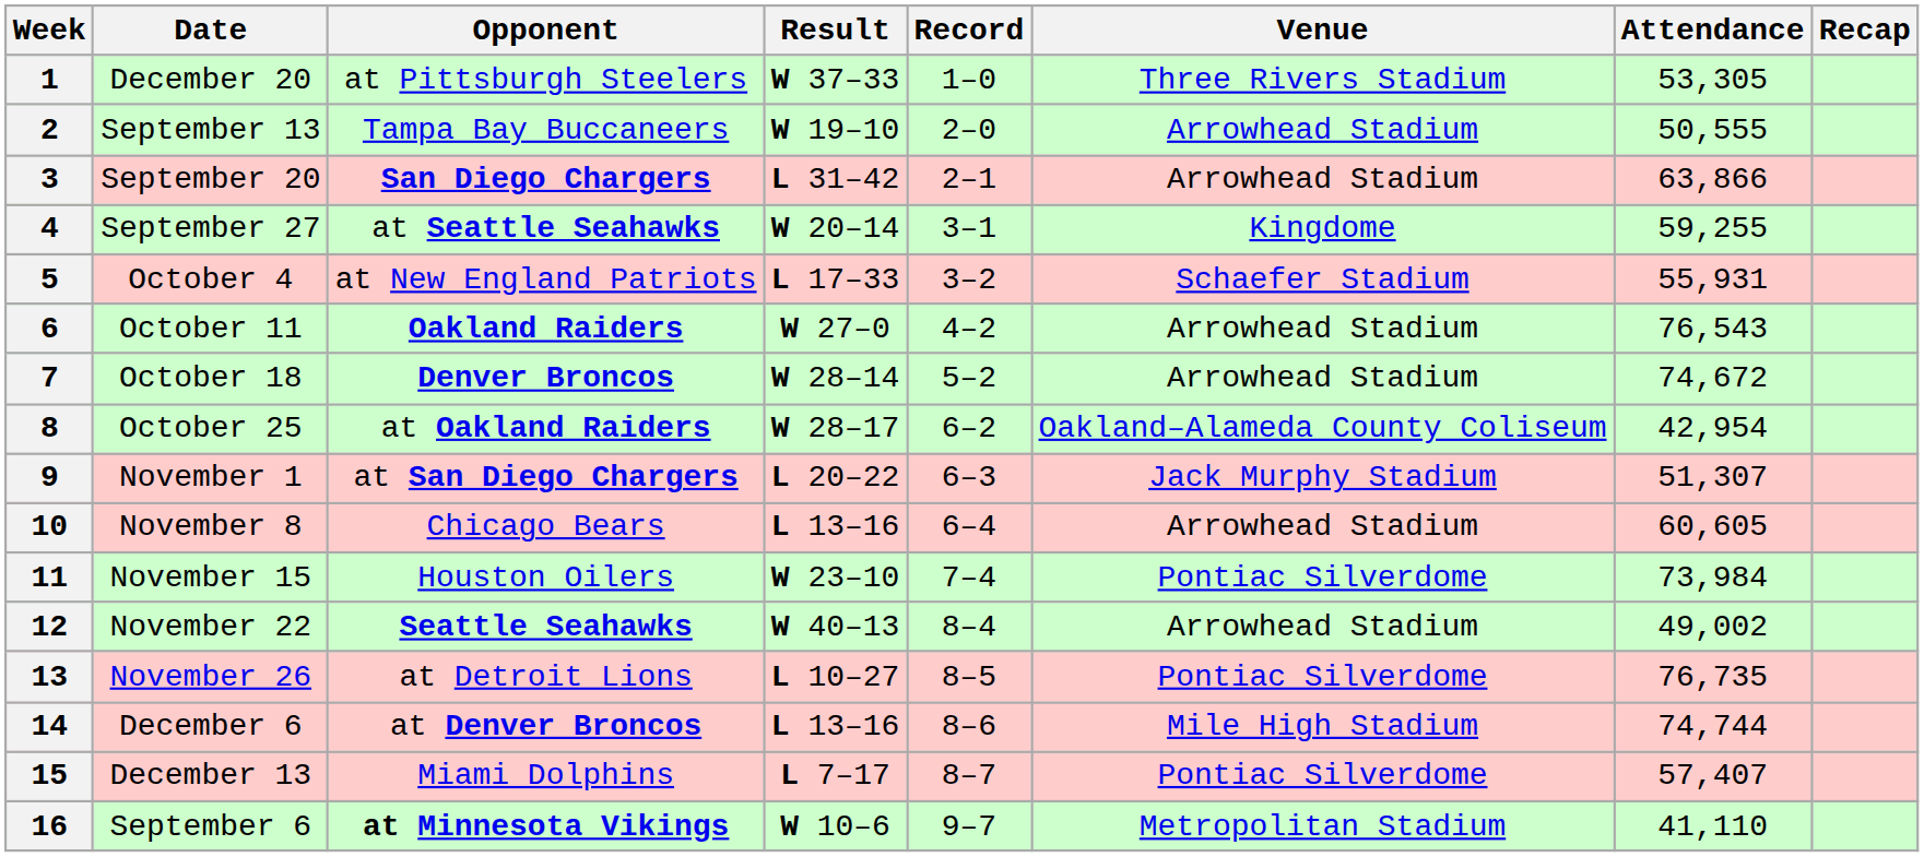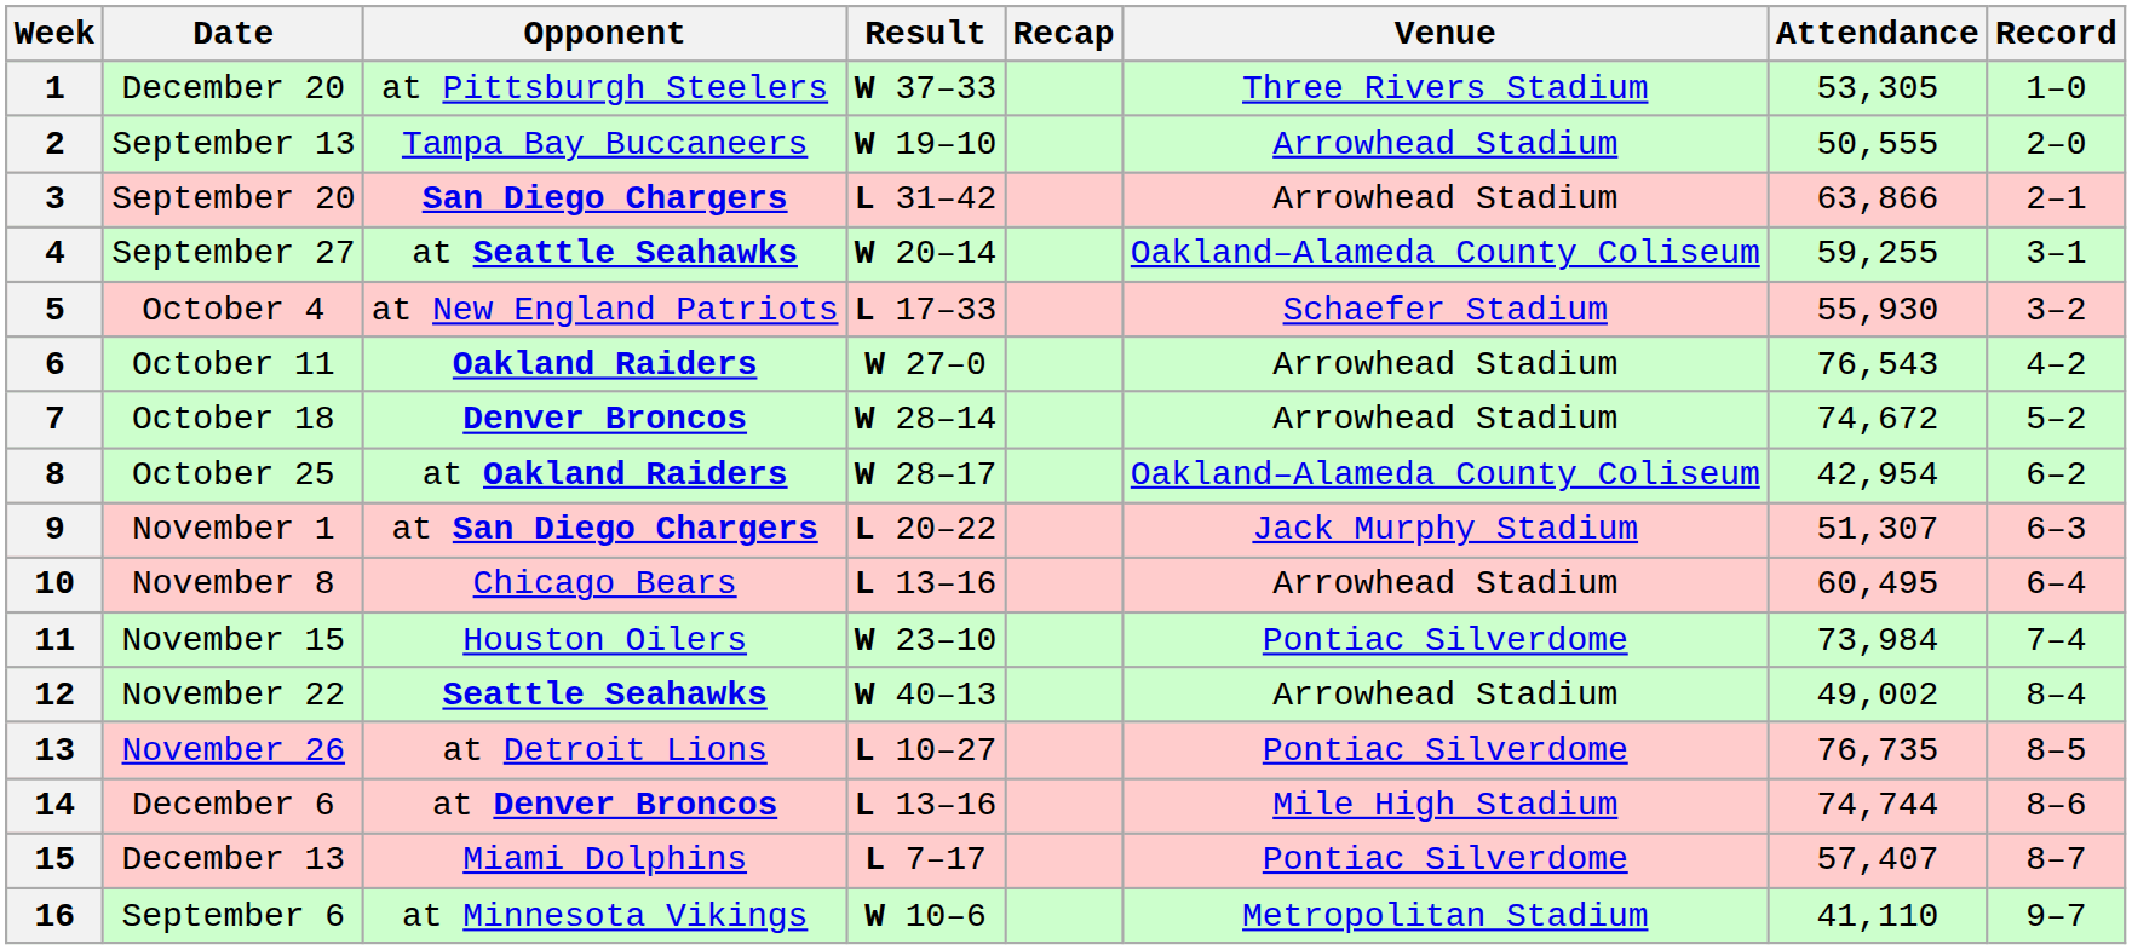 <table class="wikitable" style="text-align:center">
 <tr>
 <th>Week</th>
 <th>Date</th>
 <th>Opponent</th>
 <th>Result</th>
-<th>Record</th>
+<th>Recap</th>
 <th>Venue</th>
 <th>Attendance</th>
-<th>Recap</th>
+<th>Record</th>
 </tr>
 <tr style="background:#cfc">
 <th>1</th>
 <td>December 20</td>
 <td>at <a href='#'>Pittsburgh Steelers</a></td>
 <td><strong>W</strong> 37–33</td>
-<td>1–0</td>
+<td></td>
 <td><a href='#'>Three Rivers Stadium</a></td>
 <td>53,305</td>
-<td></td>
+<td>1–0</td>
 </tr>
 <tr style="background:#cfc">
 <th>2</th>
 <td>September 13</td>
 <td><a href='#'>Tampa Bay Buccaneers</a></td>
 <td><strong>W</strong> 19–10</td>
-<td>2–0</td>
+<td></td>
 <td><a href='#'>Arrowhead Stadium</a></td>
 <td>50,555</td>
-<td></td>
+<td>2–0</td>
 </tr>
 <tr style="background:#fcc">
 <th>3</th>
 <td>September 20</td>
 <td><strong><a href='#'>San Diego Chargers</a></strong></td>
 <td><strong>L</strong> 31–42</td>
-<td>2–1</td>
+<td></td>
 <td>Arrowhead Stadium</td>
 <td>63,866</td>
-<td></td>
+<td>2–1</td>
 </tr>
 <tr style="background:#cfc">
 <th>4</th>
 <td>September 27</td>
 <td>at <strong><a href='#'>Seattle Seahawks</a></strong></td>
 <td><strong>W</strong> 20–14</td>
+<td></td>
+<td><a href='#'>Oakland–Alameda County Coliseum</a></td>
+<td>59,255</td>
 <td>3–1</td>
-<td><a href='#'>Kingdome</a></td>
-<td>59,255</td>
-<td></td>
 </tr>
 <tr style="background:#fcc">
 <th>5</th>
 <td>October 4</td>
 <td>at <a href='#'>New England Patriots</a></td>
 <td><strong>L</strong> 17–33</td>
+<td></td>
+<td><a href='#'>Schaefer Stadium</a></td>
+<td>55,930</td>
 <td>3–2</td>
-<td><a href='#'>Schaefer Stadium</a></td>
-<td>55,931</td>
-<td></td>
 </tr>
 <tr style="background:#cfc">
 <th>6</th>
 <td>October 11</td>
 <td><strong><a href='#'>Oakland Raiders</a></strong></td>
 <td><strong>W</strong> 27–0</td>
-<td>4–2</td>
+<td></td>
 <td>Arrowhead Stadium</td>
 <td>76,543</td>
-<td></td>
+<td>4–2</td>
 </tr>
 <tr style="background:#cfc">
 <th>7</th>
 <td>October 18</td>
 <td><strong><a href='#'>Denver Broncos</a></strong></td>
 <td><strong>W</strong> 28–14</td>
-<td>5–2</td>
+<td></td>
 <td>Arrowhead Stadium</td>
 <td>74,672</td>
-<td></td>
+<td>5–2</td>
 </tr>
 <tr style="background:#cfc">
 <th>8</th>
 <td>October 25</td>
 <td>at <strong><a href='#'>Oakland Raiders</a></strong></td>
 <td><strong>W</strong> 28–17</td>
-<td>6–2</td>
+<td></td>
 <td><a href='#'>Oakland–Alameda County Coliseum</a></td>
 <td>42,954</td>
-<td></td>
+<td>6–2</td>
 </tr>
 <tr style="background:#fcc">
 <th>9</th>
 <td>November 1</td>
 <td>at <strong><a href='#'>San Diego Chargers</a></strong></td>
 <td><strong>L</strong> 20–22</td>
-<td>6–3</td>
+<td></td>
 <td><a href='#'>Jack Murphy Stadium</a></td>
 <td>51,307</td>
-<td></td>
+<td>6–3</td>
 </tr>
 <tr style="background:#fcc">
 <th>10</th>
 <td>November 8</td>
 <td><a href='#'>Chicago Bears</a></td>
 <td><strong>L</strong> 13–16 </td>
+<td></td>
+<td>Arrowhead Stadium</td>
+<td>60,495</td>
 <td>6–4</td>
-<td>Arrowhead Stadium</td>
-<td>60,605</td>
-<td></td>
 </tr>
 <tr style="background:#cfc">
 <th>11</th>
 <td>November 15</td>
 <td><a href='#'>Houston Oilers</a></td>
 <td><strong>W</strong> 23–10</td>
-<td>7–4</td>
+<td></td>
 <td><a href='#'>Pontiac Silverdome</a></td>
 <td>73,984</td>
-<td></td>
+<td>7–4</td>
 </tr>
 <tr style="background:#cfc">
 <th>12</th>
 <td>November 22</td>
 <td><strong><a href='#'>Seattle Seahawks</a></strong></td>
 <td><strong>W</strong> 40–13</td>
-<td>8–4</td>
+<td></td>
 <td>Arrowhead Stadium</td>
 <td>49,002</td>
-<td></td>
+<td>8–4</td>
 </tr>
 <tr style="background:#fcc">
 <th>13</th>
 <td><a href='#'>November 26</a></td>
 <td>at <a href='#'>Detroit Lions</a></td>
 <td><strong>L</strong> 10–27</td>
-<td>8–5</td>
+<td></td>
 <td><a href='#'>Pontiac Silverdome</a></td>
 <td>76,735</td>
-<td></td>
+<td>8–5</td>
 </tr>
 <tr style="background:#fcc">
 <th>14</th>
 <td>December 6</td>
 <td>at <strong><a href='#'>Denver Broncos</a></strong></td>
 <td><strong>L</strong> 13–16</td>
-<td>8–6</td>
+<td></td>
 <td><a href='#'>Mile High Stadium</a></td>
 <td>74,744</td>
-<td></td>
+<td>8–6</td>
 </tr>
 <tr style="background:#fcc">
 <th>15</th>
 <td>December 13</td>
 <td><a href='#'>Miami Dolphins</a></td>
 <td><strong>L</strong> 7–17</td>
-<td>8–7</td>
+<td></td>
 <td><a href='#'>Pontiac Silverdome</a></td>
 <td>57,407</td>
-<td></td>
+<td>8–7</td>
 </tr>
 <tr style="background:#cfc">
 <th>16</th>
 <td>September 6</td>
-<td><strong>at <a href='#'>Minnesota Vikings</a></strong></td>
+<td>at <a href='#'>Minnesota Vikings</a></td>
 <td><strong>W</strong> 10–6</td>
-<td>9–7</td>
+<td></td>
 <td><a href='#'>Metropolitan Stadium</a></td>
 <td>41,110</td>
-<td></td>
+<td>9–7</td>
 </tr>
 </table>
